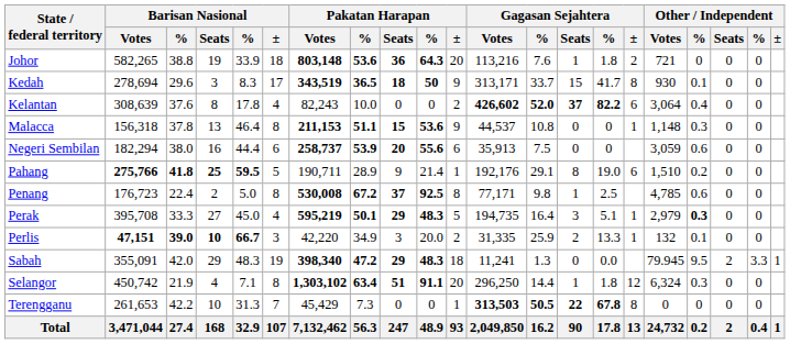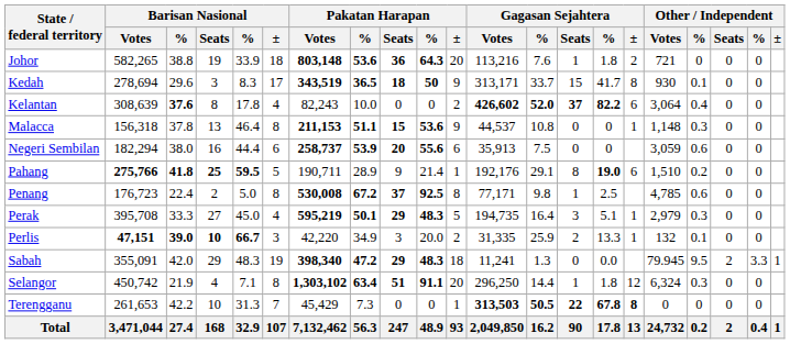 <table class="wikitable sortable" style="background:#FFFFFF;color:#000000; font-size:80%">
 <tr>
 <th colspan="1" rowspan="2">State / <br>federal territory</th>
 <th colspan="5" style="background:">Barisan Nasional</th>
 <th colspan="5" style="background:">Pakatan Harapan</th>
 <th colspan="5" style="background:">Gagasan Sejahtera</th>
 <th colspan="5" style="background:">Other / Independent</th>
 </tr>
 <tr>
 <th>Votes</th>
 <th>%</th>
 <th>Seats</th>
 <th>%</th>
 <th>±</th>
 <th>Votes</th>
 <th>%</th>
 <th>Seats</th>
 <th>%</th>
 <th>±</th>
 <th>Votes</th>
 <th>%</th>
 <th>Seats</th>
 <th>%</th>
 <th>±</th>
 <th>Votes</th>
 <th>%</th>
 <th>Seats</th>
 <th>%</th>
 <th>±</th>
 </tr>
 <tr style="text-align:center;">
 <td style="text-align:left;"> <a href='#'>Johor</a></td>
 <td>582,265</td>
 <td>38.8</td>
 <td>19</td>
 <td>33.9</td>
 <td>18</td>
 <td><strong>803,148</strong></td>
 <td><strong>53.6</strong></td>
 <td><strong>36</strong></td>
 <td><strong>64.3</strong></td>
 <td>20</td>
 <td>113,216</td>
 <td>7.6</td>
 <td>1</td>
 <td>1.8</td>
 <td>2</td>
 <td>721</td>
 <td>0</td>
 <td>0</td>
 <td>0</td>
 <td></td>
 </tr>
 <tr style="text-align:center;">
 <td style="text-align:left;"> <a href='#'>Kedah</a></td>
 <td>278,694</td>
 <td>29.6</td>
 <td>3</td>
 <td>8.3</td>
 <td>17</td>
 <td><strong>343,519</strong></td>
 <td><strong>36.5</strong></td>
 <td><strong>18</strong></td>
 <td><strong>50</strong></td>
 <td>9</td>
 <td>313,171</td>
 <td>33.7</td>
 <td>15</td>
 <td>41.7</td>
 <td>8</td>
 <td>930</td>
 <td>0.1</td>
 <td>0</td>
 <td>0</td>
 <td></td>
 </tr>
 <tr style="text-align:center;">
 <td style="text-align:left;"> <a href='#'>Kelantan</a></td>
 <td>308,639</td>
-<td>37.6</td>
+<td><strong>37.6</strong></td>
 <td>8</td>
 <td>17.8</td>
 <td>4</td>
 <td>82,243</td>
 <td>10.0</td>
 <td>0</td>
 <td>0</td>
 <td>2</td>
 <td><strong>426,602</strong></td>
 <td><strong>52.0</strong></td>
 <td><strong>37</strong></td>
 <td><strong>82.2</strong></td>
 <td>6</td>
 <td>3,064</td>
 <td>0.4</td>
 <td>0</td>
 <td>0</td>
 <td></td>
 </tr>
 <tr style="text-align:center;">
 <td style="text-align:left;"> <a href='#'>Malacca</a></td>
 <td>156,318</td>
 <td>37.8</td>
 <td>13</td>
 <td>46.4</td>
 <td>8</td>
 <td><strong>211,153</strong></td>
 <td><strong>51.1</strong></td>
 <td><strong>15</strong></td>
 <td><strong>53.6</strong></td>
 <td>9</td>
 <td>44,537</td>
 <td>10.8</td>
 <td>0</td>
 <td>0</td>
 <td>1</td>
 <td>1,148</td>
 <td>0.3</td>
 <td>0</td>
 <td>0</td>
 <td></td>
 </tr>
 <tr style="text-align:center;">
 <td style="text-align:left;"> <a href='#'>Negeri Sembilan</a></td>
 <td>182,294</td>
 <td>38.0</td>
 <td>16</td>
 <td>44.4</td>
 <td>6</td>
 <td><strong>258,737</strong></td>
 <td><strong>53.9</strong></td>
 <td><strong>20</strong></td>
 <td><strong>55.6</strong></td>
 <td>6</td>
 <td>35,913</td>
 <td>7.5</td>
 <td>0</td>
 <td>0</td>
 <td></td>
 <td>3,059</td>
 <td>0.6</td>
 <td>0</td>
 <td>0</td>
 <td></td>
 </tr>
 <tr style="text-align:center;">
 <td style="text-align:left;"> <a href='#'>Pahang</a></td>
 <td><strong>275,766</strong></td>
 <td><strong>41.8</strong></td>
 <td><strong>25</strong></td>
 <td><strong>59.5</strong></td>
 <td>5</td>
 <td>190,711</td>
 <td>28.9</td>
 <td>9</td>
 <td>21.4</td>
 <td>1</td>
 <td>192,176</td>
 <td>29.1</td>
 <td>8</td>
-<td>19.0</td>
+<td><strong>19.0</strong></td>
 <td>6</td>
 <td>1,510</td>
 <td>0.2</td>
 <td>0</td>
 <td>0</td>
 <td></td>
 </tr>
 <tr style="text-align:center;">
 <td style="text-align:left;"> <a href='#'>Penang</a></td>
 <td>176,723</td>
 <td>22.4</td>
 <td>2</td>
 <td>5.0</td>
 <td>8</td>
 <td><strong>530,008</strong></td>
 <td><strong>67.2</strong></td>
 <td><strong>37</strong></td>
 <td><strong>92.5</strong></td>
 <td>8</td>
 <td>77,171</td>
 <td>9.8</td>
 <td>1</td>
 <td>2.5</td>
 <td></td>
 <td>4,785</td>
 <td>0.6</td>
 <td>0</td>
 <td>0</td>
 <td></td>
 </tr>
 <tr style="text-align:center;">
 <td style="text-align:left;"> <a href='#'>Perak</a></td>
 <td>395,708</td>
 <td>33.3</td>
 <td>27</td>
 <td>45.0</td>
 <td>4</td>
 <td><strong>595,219</strong></td>
 <td><strong>50.1</strong></td>
 <td><strong>29</strong></td>
 <td><strong>48.3</strong></td>
 <td>5</td>
 <td>194,735</td>
 <td>16.4</td>
 <td>3</td>
 <td>5.1</td>
 <td>1</td>
 <td>2,979</td>
-<td><strong>0.3</strong></td>
+<td>0.3</td>
 <td>0</td>
 <td>0</td>
 <td></td>
 </tr>
 <tr style="text-align:center;">
 <td style="text-align:left;"> <a href='#'>Perlis</a></td>
 <td><strong>47,151</strong></td>
 <td><strong>39.0</strong></td>
 <td><strong>10</strong></td>
 <td><strong>66.7</strong></td>
 <td>3</td>
 <td>42,220</td>
 <td>34.9</td>
 <td>3</td>
 <td>20.0</td>
 <td>2</td>
 <td>31,335</td>
 <td>25.9</td>
 <td>2</td>
 <td>13.3</td>
 <td>1</td>
 <td>132</td>
 <td>0.1</td>
 <td>0</td>
 <td>0</td>
 <td></td>
 </tr>
 <tr style="text-align:center;">
 <td style="text-align:left;"> <a href='#'>Sabah</a></td>
 <td>355,091</td>
 <td>42.0</td>
 <td>29</td>
 <td>48.3</td>
 <td>19</td>
 <td><strong>398,340</strong></td>
 <td><strong>47.2</strong></td>
 <td><strong>29</strong></td>
 <td><strong>48.3</strong></td>
 <td>18</td>
 <td>11,241</td>
 <td>1.3</td>
 <td>0</td>
 <td>0.0</td>
 <td></td>
 <td>79.945</td>
 <td>9.5</td>
 <td>2</td>
 <td>3.3</td>
 <td>1</td>
 </tr>
 <tr style="text-align:center;">
 <td style="text-align:left;"> <a href='#'>Selangor</a></td>
 <td>450,742</td>
 <td>21.9</td>
 <td>4</td>
 <td>7.1</td>
 <td>8</td>
 <td><strong>1,303,102</strong></td>
 <td><strong>63.4</strong></td>
 <td><strong>51</strong></td>
 <td><strong>91.1</strong></td>
 <td>20</td>
 <td>296,250</td>
 <td>14.4</td>
 <td>1</td>
 <td>1.8</td>
 <td>12</td>
 <td>6,324</td>
 <td>0.3</td>
 <td>0</td>
 <td>0</td>
 <td></td>
 </tr>
 <tr style="text-align:center;">
 <td style="text-align:left;"> <a href='#'>Terengganu</a></td>
 <td>261,653</td>
 <td>42.2</td>
 <td>10</td>
 <td>31.3</td>
 <td>7</td>
 <td>45,429</td>
 <td>7.3</td>
 <td>0</td>
 <td>0</td>
 <td>1</td>
 <td><strong>313,503</strong></td>
 <td><strong>50.5</strong></td>
 <td><strong>22</strong></td>
 <td><strong>67.8</strong></td>
-<td>8</td>
+<td><strong>8</strong></td>
 <td>0</td>
 <td>0</td>
 <td>0</td>
 <td>0</td>
 <td></td>
 </tr>
 <tr style="text-align:center;">
 <th>Total</th>
 <th>3,471,044</th>
 <th>27.4</th>
 <th>168</th>
 <th>32.9</th>
 <th>107</th>
 <th>7,132,462</th>
 <th>56.3</th>
 <th>247</th>
 <th>48.9</th>
 <th>93</th>
 <th>2,049,850</th>
 <th>16.2</th>
 <th>90</th>
 <th>17.8</th>
 <th>13</th>
 <th>24,732</th>
 <th>0.2</th>
 <th>2</th>
 <th>0.4</th>
 <th>1</th>
 </tr>
 </table>
